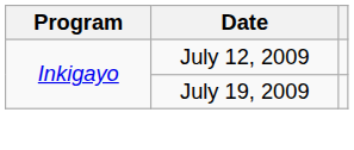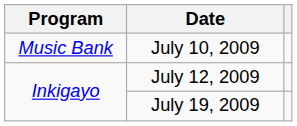 <table class="wikitable" style="text-align:center">
 <tr>
 <th width="100">Program</th>
 <th width="130">Date</th>
 <th></th>
+</tr>
+<tr>
+<td><a href='#'><em>Music Bank</em></a></td>
+<td>July 10, 2009</td>
+<td></td>
 </tr>
 <tr>
 <td rowspan="2"><em><a href='#'>Inkigayo</a></em></td>
 <td>July 12, 2009</td>
 <td></td>
 </tr>
 <tr>
 <td>July 19, 2009</td>
 <td></td>
 </tr>
 </table>
